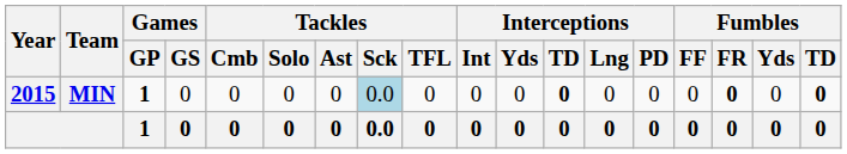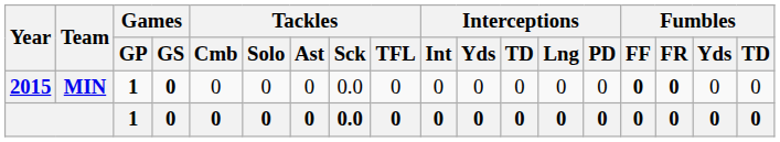 <table class="wikitable" style="text-align:center">
 <tr>
 <th rowspan="2">Year</th>
 <th rowspan="2">Team</th>
 <th colspan="2">Games</th>
 <th colspan="5">Tackles</th>
 <th colspan="5">Interceptions</th>
 <th colspan="4">Fumbles</th>
 </tr>
 <tr>
 <th>GP</th>
 <th>GS</th>
 <th>Cmb</th>
 <th>Solo</th>
 <th>Ast</th>
 <th>Sck</th>
 <th>TFL</th>
 <th>Int</th>
 <th>Yds</th>
 <th>TD</th>
 <th>Lng</th>
 <th>PD</th>
 <th>FF</th>
 <th>FR</th>
 <th>Yds</th>
 <th>TD</th>
 </tr>
 <tr>
 <th><a href='#'>2015</a></th>
 <th><a href='#'>MIN</a></th>
 <td><strong>1</strong></td>
+<td><strong>0</strong></td>
+<td>0</td>
+<td>0</td>
+<td>0</td>
+<td>0.0</td>
 <td>0</td>
 <td>0</td>
 <td>0</td>
 <td>0</td>
-<td style="background: lightblue;">0.0</td>
-<td>0</td>
 <td>0</td>
 <td>0</td>
 <td><strong>0</strong></td>
+<td><strong>0</strong></td>
 <td>0</td>
 <td>0</td>
-<td>0</td>
-<td><strong>0</strong></td>
-<td>0</td>
-<td><strong>0</strong></td>
 </tr>
 <tr>
 <th colspan="2"></th>
 <th>1</th>
 <th>0</th>
 <th>0</th>
 <th>0</th>
 <th>0</th>
 <th>0.0</th>
 <th>0</th>
 <th>0</th>
 <th>0</th>
 <th>0</th>
 <th>0</th>
 <th>0</th>
 <th>0</th>
 <th>0</th>
 <th>0</th>
 <th>0</th>
 </tr>
 </table>
